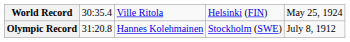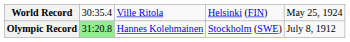 <table class="wikitable" style="font-size:95%;">
 <tr>
 <th>World Record</th>
 <td>30:35.4</td>
 <td> <a href='#'>Ville Ritola</a></td>
 <td><a href='#'>Helsinki</a> (<a href='#'>FIN</a>)</td>
 <td>May 25, 1924</td>
 </tr>
 <tr>
 <th>Olympic Record</th>
-<td>31:20.8</td>
+<td style="background: lightgreen;">31:20.8</td>
 <td> <a href='#'>Hannes Kolehmainen</a></td>
 <td><a href='#'>Stockholm</a> (<a href='#'>SWE</a>)</td>
 <td>July 8, 1912</td>
 </tr>
 </table>
